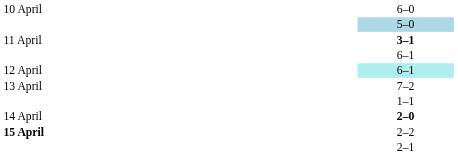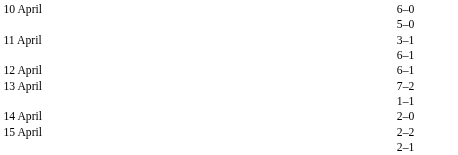 <table cellspacing=1 width=70%>
 <tr>
 <th width=25%></th>
 <th width=30%></th>
 <th width=15%></th>
 <th width=30%></th>
 </tr>
 <tr>
 <td>10 April</td>
 <td align=right></td>
 <td align=center>6–0</td>
 <td></td>
 </tr>
 <tr>
 <td></td>
 <td align=right></td>
-<td align=center style="background: lightblue;">5–0</td>
+<td align=center>5–0</td>
 <td></td>
 </tr>
 <tr>
 <td>11 April</td>
 <td align=right></td>
-<td align=center><strong>3–1</strong></td>
+<td align=center>3–1</td>
 <td></td>
 </tr>
 <tr>
 <td></td>
 <td align=right></td>
 <td align=center>6–1</td>
 <td></td>
 </tr>
 <tr>
 <td>12 April</td>
 <td align=right></td>
-<td align=center style="background: paleturquoise;">6–1</td>
+<td align=center>6–1</td>
 <td></td>
 </tr>
 <tr>
 <td>13 April</td>
 <td align=right></td>
 <td align=center>7–2</td>
 <td></td>
 </tr>
 <tr>
 <td></td>
 <td align=right></td>
 <td align=center>1–1</td>
 <td></td>
 </tr>
 <tr>
 <td>14 April</td>
 <td align=right></td>
-<td align=center><strong>2–0</strong></td>
+<td align=center>2–0</td>
 <td></td>
 </tr>
 <tr>
-<td><strong>15 April</strong></td>
+<td>15 April</td>
 <td align=right></td>
 <td align=center>2–2</td>
 <td></td>
 </tr>
 <tr>
 <td></td>
 <td align=right></td>
 <td align=center>2–1</td>
 <td></td>
 </tr>
 </table>
